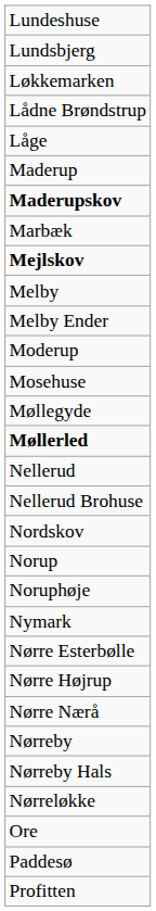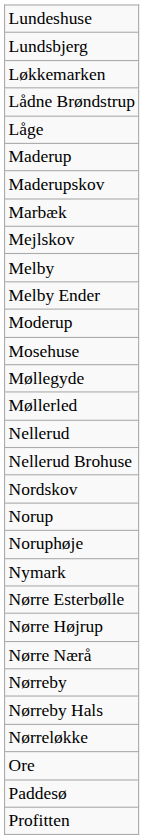 <table class="wikitable" style="float:left; margin-right:1em">
 <tr>
 <td>Lundeshuse</td>
 </tr>
 <tr>
 <td>Lundsbjerg</td>
 </tr>
 <tr>
 <td>Løkkemarken</td>
 </tr>
 <tr>
 <td>Lådne Brøndstrup</td>
 </tr>
 <tr>
 <td>Låge</td>
 </tr>
 <tr>
 <td>Maderup</td>
 </tr>
 <tr>
-<td><strong>Maderupskov</strong></td>
+<td>Maderupskov</td>
 </tr>
 <tr>
 <td>Marbæk</td>
 </tr>
 <tr>
-<td><strong>Mejlskov</strong></td>
+<td>Mejlskov</td>
 </tr>
 <tr>
 <td>Melby</td>
 </tr>
 <tr>
 <td>Melby Ender</td>
 </tr>
 <tr>
 <td>Moderup</td>
 </tr>
 <tr>
 <td>Mosehuse</td>
 </tr>
 <tr>
 <td>Møllegyde</td>
 </tr>
 <tr>
-<td><strong>Møllerled</strong></td>
+<td>Møllerled</td>
 </tr>
 <tr>
 <td>Nellerud</td>
 </tr>
 <tr>
 <td>Nellerud Brohuse</td>
 </tr>
 <tr>
 <td>Nordskov</td>
 </tr>
 <tr>
 <td>Norup</td>
 </tr>
 <tr>
 <td>Noruphøje</td>
 </tr>
 <tr>
 <td>Nymark</td>
 </tr>
 <tr>
 <td>Nørre Esterbølle</td>
 </tr>
 <tr>
 <td>Nørre Højrup</td>
 </tr>
 <tr>
 <td>Nørre Nærå</td>
 </tr>
 <tr>
 <td>Nørreby</td>
 </tr>
 <tr>
 <td>Nørreby Hals</td>
 </tr>
 <tr>
 <td>Nørreløkke</td>
 </tr>
 <tr>
 <td>Ore</td>
 </tr>
 <tr>
 <td>Paddesø</td>
 </tr>
 <tr>
 <td>Profitten</td>
 </tr>
 </table>
